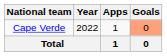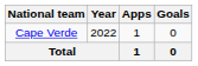 <table class="wikitable" style="text-align:center">
 <tr>
 <th>National team</th>
 <th>Year</th>
 <th>Apps</th>
 <th>Goals</th>
 </tr>
 <tr>
 <td rowspan="1"><a href='#'>Cape Verde</a></td>
 <td>2022</td>
 <td>1</td>
-<td style="background: lightsalmon;">0</td>
+<td>0</td>
 </tr>
 <tr>
 <th colspan="2">Total</th>
 <th>1</th>
 <th>0</th>
 </tr>
 </table>
